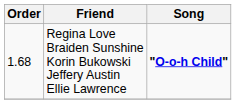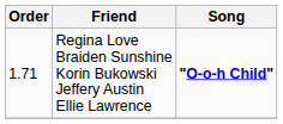 <table class="wikitable">
 <tr>
 <th>Order</th>
 <th>Friend</th>
 <th>Song</th>
 </tr>
 <tr>
-<td>1.68</td>
+<td>1.71</td>
 <td>Regina Love <br> Braiden Sunshine <br> Korin Bukowski <br> Jeffery Austin <br> Ellie Lawrence</td>
 <td><strong>"<a href='#'>O-o-h Child</a>"</strong></td>
 </tr>
 <tr>
 </tr>
 </table>
